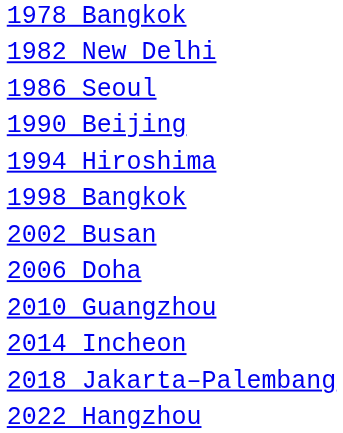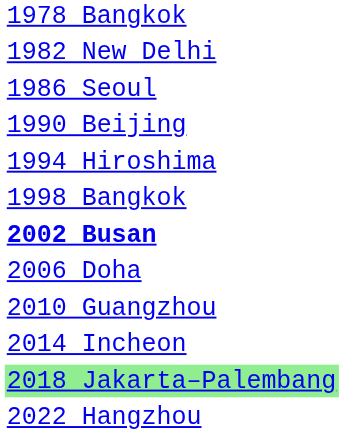 <table>
 <tr>
 <td><a href='#'>1978 Bangkok</a></td>
 <td></td>
 <td></td>
 <td></td>
 </tr>
 <tr>
 <td><a href='#'>1982 New Delhi</a></td>
 <td></td>
 <td></td>
 <td></td>
 </tr>
 <tr>
 <td><a href='#'>1986 Seoul</a></td>
 <td></td>
 <td></td>
 <td></td>
 </tr>
 <tr>
 <td><a href='#'>1990 Beijing</a></td>
 <td></td>
 <td></td>
 <td></td>
 </tr>
 <tr>
 <td><a href='#'>1994 Hiroshima</a></td>
 <td></td>
 <td></td>
 <td></td>
 </tr>
 <tr>
 <td><a href='#'>1998 Bangkok</a></td>
 <td></td>
 <td></td>
 <td></td>
 </tr>
 <tr>
-<td><a href='#'>2002 Busan</a></td>
+<td><strong><a href='#'>2002 Busan</a></strong></td>
 <td></td>
 <td></td>
 <td></td>
 </tr>
 <tr>
 <td><a href='#'>2006 Doha</a></td>
 <td></td>
 <td></td>
 <td></td>
 </tr>
 <tr>
 <td><a href='#'>2010 Guangzhou</a></td>
 <td></td>
 <td></td>
 <td></td>
 </tr>
 <tr>
 <td><a href='#'>2014 Incheon</a></td>
 <td></td>
 <td></td>
 <td></td>
 </tr>
 <tr>
-<td><a href='#'>2018 Jakarta–Palembang</a></td>
+<td style="background: lightgreen;"><a href='#'>2018 Jakarta–Palembang</a></td>
 <td></td>
 <td></td>
 <td></td>
 </tr>
 <tr>
 <td><a href='#'>2022 Hangzhou</a></td>
 <td></td>
 <td></td>
 <td></td>
 </tr>
 </table>
